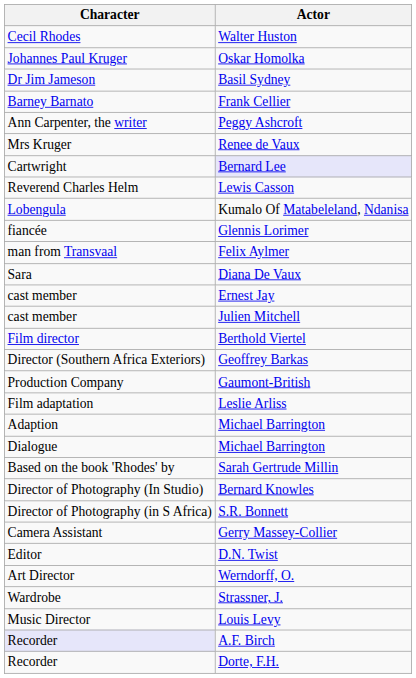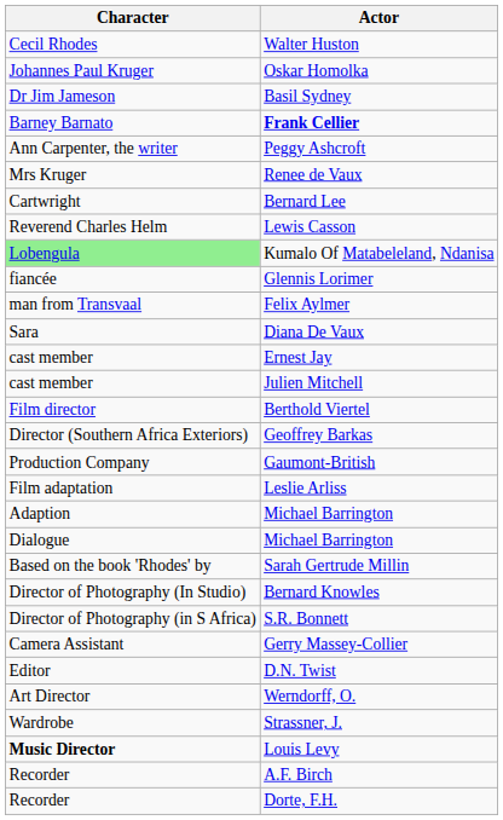 <table class="wikitable">
 <tr>
 <th>Character</th>
 <th>Actor</th>
 </tr>
 <tr>
 <td><a href='#'>Cecil Rhodes</a></td>
 <td><a href='#'>Walter Huston</a></td>
 </tr>
 <tr>
 <td><a href='#'>Johannes Paul Kruger</a></td>
 <td><a href='#'>Oskar Homolka</a></td>
 </tr>
 <tr>
 <td><a href='#'>Dr Jim Jameson</a></td>
 <td><a href='#'>Basil Sydney</a></td>
 </tr>
 <tr>
 <td><a href='#'>Barney Barnato</a></td>
-<td><a href='#'>Frank Cellier</a></td>
+<td><strong><a href='#'>Frank Cellier</a></strong></td>
 </tr>
 <tr>
 <td>Ann Carpenter, the <a href='#'>writer</a></td>
 <td><a href='#'>Peggy Ashcroft</a></td>
 </tr>
 <tr>
 <td>Mrs Kruger</td>
 <td><a href='#'>Renee de Vaux</a></td>
 </tr>
 <tr>
 <td>Cartwright</td>
-<td style="background: lavender;"><a href='#'>Bernard Lee</a></td>
+<td><a href='#'>Bernard Lee</a></td>
 </tr>
 <tr>
 <td>Reverend Charles Helm</td>
 <td><a href='#'>Lewis Casson</a></td>
 </tr>
 <tr>
-<td><a href='#'>Lobengula</a></td>
+<td style="background: lightgreen;"><a href='#'>Lobengula</a></td>
 <td>Kumalo Of <a href='#'>Matabeleland</a>, <a href='#'>Ndanisa</a></td>
 </tr>
 <tr>
 <td>fiancée</td>
 <td><a href='#'>Glennis Lorimer</a></td>
 </tr>
 <tr>
 <td>man from <a href='#'>Transvaal</a></td>
 <td><a href='#'>Felix Aylmer</a></td>
 </tr>
 <tr>
 <td>Sara</td>
 <td><a href='#'>Diana De Vaux</a></td>
 </tr>
 <tr>
 <td>cast member</td>
 <td><a href='#'>Ernest Jay</a></td>
 </tr>
 <tr>
 <td>cast member</td>
 <td><a href='#'>Julien Mitchell</a></td>
 </tr>
 <tr>
 <td><a href='#'>Film director</a></td>
 <td><a href='#'>Berthold Viertel</a></td>
 </tr>
 <tr>
 <td>Director (Southern Africa Exteriors)</td>
 <td><a href='#'>Geoffrey Barkas</a></td>
 </tr>
 <tr>
 <td>Production Company</td>
 <td><a href='#'>Gaumont-British</a></td>
 </tr>
 <tr>
 <td>Film adaptation</td>
 <td><a href='#'>Leslie Arliss</a></td>
 </tr>
 <tr>
 <td>Adaption</td>
 <td><a href='#'>Michael Barrington</a></td>
 </tr>
 <tr>
 <td>Dialogue</td>
 <td><a href='#'>Michael Barrington</a></td>
 </tr>
 <tr>
 <td>Based on the book 'Rhodes' by</td>
 <td><a href='#'>Sarah Gertrude Millin</a></td>
 </tr>
 <tr>
 <td>Director of Photography (In Studio)</td>
 <td><a href='#'>Bernard Knowles</a></td>
 </tr>
 <tr>
 <td>Director of Photography (in S Africa)</td>
 <td><a href='#'>S.R. Bonnett</a></td>
 </tr>
 <tr>
 <td>Camera Assistant</td>
 <td><a href='#'>Gerry Massey-Collier</a></td>
 </tr>
 <tr>
 <td>Editor</td>
 <td><a href='#'>D.N. Twist</a></td>
 </tr>
 <tr>
 <td>Art Director</td>
 <td><a href='#'>Werndorff, O.</a></td>
 </tr>
 <tr>
 <td>Wardrobe</td>
 <td><a href='#'>Strassner, J.</a></td>
 </tr>
 <tr>
-<td>Music Director</td>
+<td><strong>Music Director</strong></td>
 <td><a href='#'>Louis Levy</a></td>
 </tr>
 <tr>
-<td style="background: lavender;">Recorder</td>
+<td>Recorder</td>
 <td><a href='#'>A.F. Birch</a></td>
 </tr>
 <tr>
 <td>Recorder</td>
 <td><a href='#'>Dorte, F.H.</a></td>
 </tr>
 </table>
